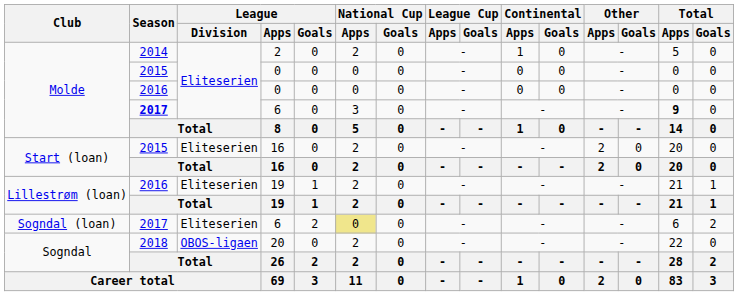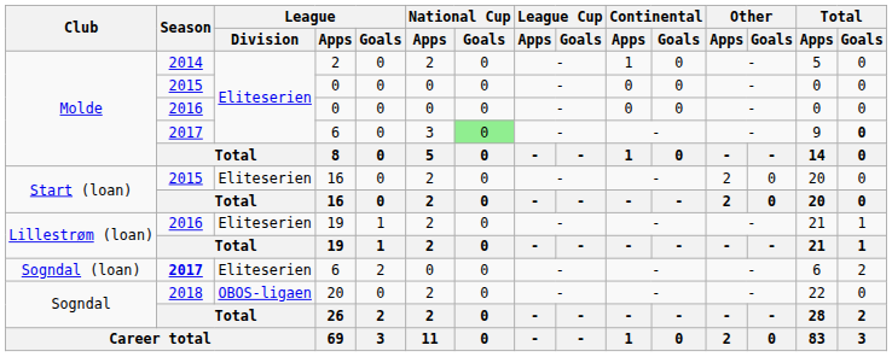 <table class="wikitable" style="text-align: center;">
 <tr>
 <th rowspan="2">Club</th>
 <th rowspan="2">Season</th>
 <th colspan="3">League</th>
 <th colspan="2">National Cup</th>
 <th colspan="2">League Cup</th>
 <th colspan="2">Continental</th>
 <th colspan="2">Other</th>
 <th colspan="2">Total</th>
 </tr>
 <tr>
 <th>Division</th>
 <th>Apps</th>
 <th>Goals</th>
 <th>Apps</th>
 <th>Goals</th>
 <th>Apps</th>
 <th>Goals</th>
 <th>Apps</th>
 <th>Goals</th>
 <th>Apps</th>
 <th>Goals</th>
 <th>Apps</th>
 <th>Goals</th>
 </tr>
 <tr>
 <td rowspan="5" valign="center"><a href='#'>Molde</a></td>
 <td><a href='#'>2014</a></td>
 <td rowspan="4" valign="center"><a href='#'>Eliteserien</a></td>
 <td>2</td>
 <td>0</td>
 <td>2</td>
 <td>0</td>
 <td colspan="2">-</td>
 <td>1</td>
 <td>0</td>
 <td colspan="2">-</td>
 <td>5</td>
 <td>0</td>
 </tr>
 <tr>
 <td><a href='#'>2015</a></td>
 <td>0</td>
 <td>0</td>
 <td>0</td>
 <td>0</td>
 <td colspan="2">-</td>
 <td>0</td>
 <td>0</td>
 <td colspan="2">-</td>
 <td>0</td>
 <td>0</td>
 </tr>
 <tr>
 <td><a href='#'>2016</a></td>
 <td>0</td>
 <td>0</td>
 <td>0</td>
 <td>0</td>
 <td colspan="2">-</td>
 <td>0</td>
 <td>0</td>
 <td colspan="2">-</td>
 <td>0</td>
 <td>0</td>
 </tr>
 <tr>
-<td><strong><a href='#'>2017</a></strong></td>
+<td><a href='#'>2017</a></td>
 <td>6</td>
 <td>0</td>
 <td>3</td>
-<td>0</td>
+<td style="background: lightgreen;">0</td>
 <td colspan="2">-</td>
 <td colspan="2">-</td>
 <td colspan="2">-</td>
-<td><strong>9</strong></td>
-<td>0</td>
+<td>9</td>
+<td><strong>0</strong></td>
 </tr>
 <tr>
 <th colspan="2">Total</th>
 <th>8</th>
 <th>0</th>
 <th>5</th>
 <th>0</th>
 <th>-</th>
 <th>-</th>
 <th>1</th>
 <th>0</th>
 <th>-</th>
 <th>-</th>
 <th>14</th>
 <th>0</th>
 </tr>
 <tr>
 <td rowspan="2" valign="center"><a href='#'>Start</a> (loan)</td>
 <td><a href='#'>2015</a></td>
 <td>Eliteserien</td>
 <td>16</td>
 <td>0</td>
 <td>2</td>
 <td>0</td>
 <td colspan="2">-</td>
 <td colspan="2">-</td>
 <td>2</td>
 <td>0</td>
 <td>20</td>
 <td>0</td>
 </tr>
 <tr>
 <th colspan="2">Total</th>
 <th>16</th>
 <th>0</th>
 <th>2</th>
 <th>0</th>
 <th>-</th>
 <th>-</th>
 <th>-</th>
 <th>-</th>
 <th>2</th>
 <th>0</th>
 <th>20</th>
 <th>0</th>
 </tr>
 <tr>
 <td rowspan="2" valign="center"><a href='#'>Lillestrøm</a> (loan)</td>
 <td><a href='#'>2016</a></td>
 <td>Eliteserien</td>
 <td>19</td>
 <td>1</td>
 <td>2</td>
 <td>0</td>
 <td colspan="2">-</td>
 <td colspan="2">-</td>
 <td colspan="2">-</td>
 <td>21</td>
 <td>1</td>
 </tr>
 <tr>
 <th colspan="2">Total</th>
 <th>19</th>
 <th>1</th>
 <th>2</th>
 <th>0</th>
 <th>-</th>
 <th>-</th>
 <th>-</th>
 <th>-</th>
 <th>-</th>
 <th>-</th>
 <th>21</th>
 <th>1</th>
 </tr>
 <tr>
 <td rowspan="1" valign="center"><a href='#'>Sogndal</a> (loan)</td>
-<td><a href='#'>2017</a></td>
+<td><strong><a href='#'>2017</a></strong></td>
 <td>Eliteserien</td>
 <td>6</td>
 <td>2</td>
-<td style="background: khaki;">0</td>
+<td>0</td>
 <td>0</td>
 <td colspan="2">-</td>
 <td colspan="2">-</td>
 <td colspan="2">-</td>
 <td>6</td>
 <td>2</td>
 </tr>
 <tr>
 <td rowspan="2" valign="center">Sogndal</td>
 <td><a href='#'>2018</a></td>
 <td><a href='#'>OBOS-ligaen</a></td>
 <td>20</td>
 <td>0</td>
 <td>2</td>
 <td>0</td>
 <td colspan="2">-</td>
 <td colspan="2">-</td>
 <td colspan="2">-</td>
 <td>22</td>
 <td>0</td>
 </tr>
 <tr>
 <th colspan="2">Total</th>
 <th>26</th>
 <th>2</th>
 <th>2</th>
 <th>0</th>
 <th>-</th>
 <th>-</th>
 <th>-</th>
 <th>-</th>
 <th>-</th>
 <th>-</th>
 <th>28</th>
 <th>2</th>
 </tr>
 <tr>
 <th colspan="3">Career total</th>
 <th>69</th>
 <th>3</th>
 <th>11</th>
 <th>0</th>
 <th>-</th>
 <th>-</th>
 <th>1</th>
 <th>0</th>
 <th>2</th>
 <th>0</th>
 <th>83</th>
 <th>3</th>
 </tr>
 </table>
